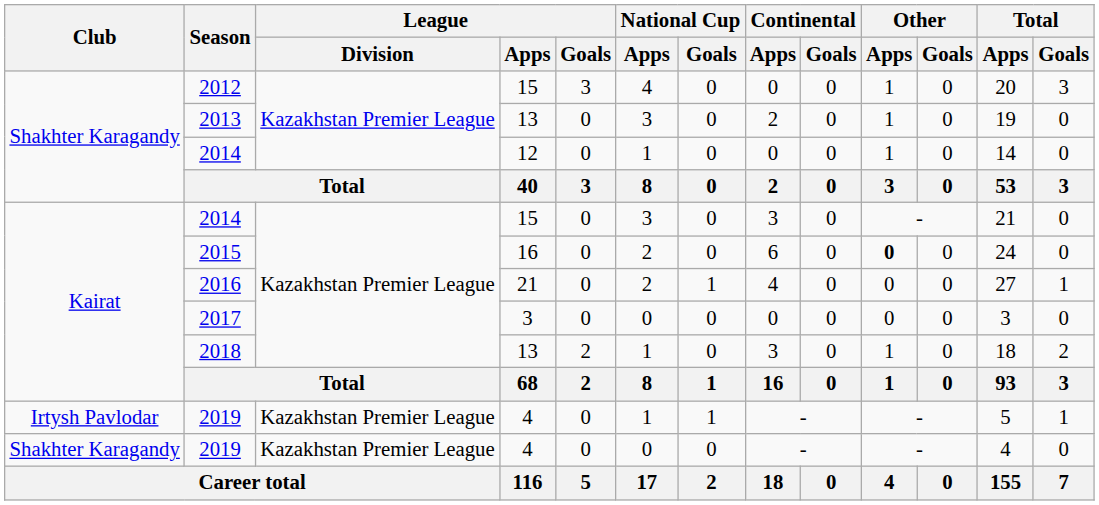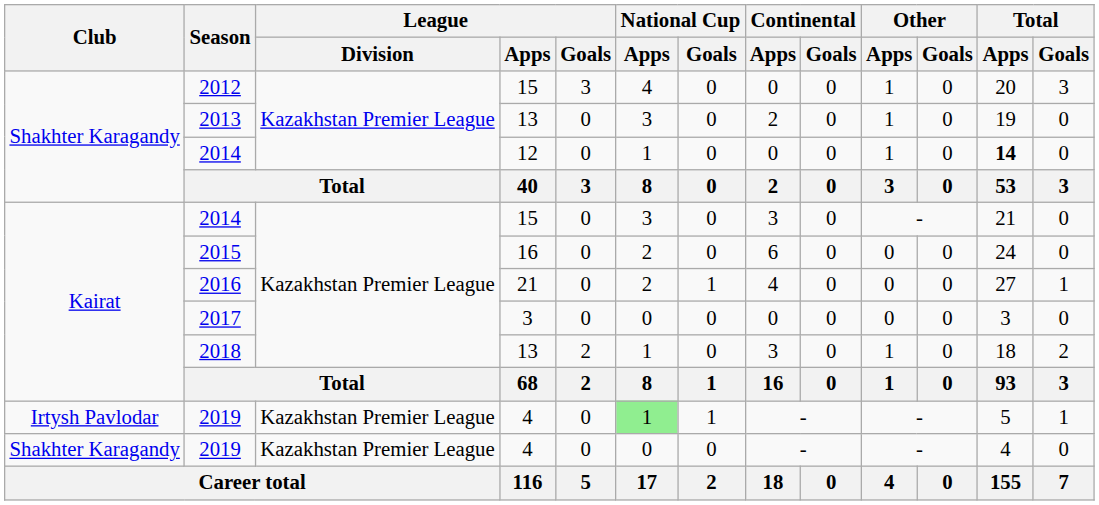 <table class="wikitable" style="text-align: center">
 <tr>
 <th rowspan="2">Club</th>
 <th rowspan="2">Season</th>
 <th colspan="3">League</th>
 <th colspan="2">National Cup</th>
 <th colspan="2">Continental</th>
 <th colspan="2">Other</th>
 <th colspan="2">Total</th>
 </tr>
 <tr>
 <th>Division</th>
 <th>Apps</th>
 <th>Goals</th>
 <th>Apps</th>
 <th>Goals</th>
 <th>Apps</th>
 <th>Goals</th>
 <th>Apps</th>
 <th>Goals</th>
 <th>Apps</th>
 <th>Goals</th>
 </tr>
 <tr>
 <td rowspan="4"><a href='#'>Shakhter Karagandy</a></td>
 <td><a href='#'>2012</a></td>
 <td rowspan="3"><a href='#'>Kazakhstan Premier League</a></td>
 <td>15</td>
 <td>3</td>
 <td>4</td>
 <td>0</td>
 <td>0</td>
 <td>0</td>
 <td>1</td>
 <td>0</td>
 <td>20</td>
 <td>3</td>
 </tr>
 <tr>
 <td><a href='#'>2013</a></td>
 <td>13</td>
 <td>0</td>
 <td>3</td>
 <td>0</td>
 <td>2</td>
 <td>0</td>
 <td>1</td>
 <td>0</td>
 <td>19</td>
 <td>0</td>
 </tr>
 <tr>
 <td><a href='#'>2014</a></td>
 <td>12</td>
 <td>0</td>
 <td>1</td>
 <td>0</td>
 <td>0</td>
 <td>0</td>
 <td>1</td>
 <td>0</td>
-<td>14</td>
+<td><strong>14</strong></td>
 <td>0</td>
 </tr>
 <tr>
 <th colspan="2">Total</th>
 <th>40</th>
 <th>3</th>
 <th>8</th>
 <th>0</th>
 <th>2</th>
 <th>0</th>
 <th>3</th>
 <th>0</th>
 <th>53</th>
 <th>3</th>
 </tr>
 <tr>
 <td rowspan="6"><a href='#'>Kairat</a></td>
 <td><a href='#'>2014</a></td>
 <td rowspan="5">Kazakhstan Premier League</td>
 <td>15</td>
 <td>0</td>
 <td>3</td>
 <td>0</td>
 <td>3</td>
 <td>0</td>
 <td colspan="2">-</td>
 <td>21</td>
 <td>0</td>
 </tr>
 <tr>
 <td><a href='#'>2015</a></td>
 <td>16</td>
 <td>0</td>
 <td>2</td>
 <td>0</td>
 <td>6</td>
 <td>0</td>
-<td><strong>0</strong></td>
+<td>0</td>
 <td>0</td>
 <td>24</td>
 <td>0</td>
 </tr>
 <tr>
 <td><a href='#'>2016</a></td>
 <td>21</td>
 <td>0</td>
 <td>2</td>
 <td>1</td>
 <td>4</td>
 <td>0</td>
 <td>0</td>
 <td>0</td>
 <td>27</td>
 <td>1</td>
 </tr>
 <tr>
 <td><a href='#'>2017</a></td>
 <td>3</td>
 <td>0</td>
 <td>0</td>
 <td>0</td>
 <td>0</td>
 <td>0</td>
 <td>0</td>
 <td>0</td>
 <td>3</td>
 <td>0</td>
 </tr>
 <tr>
 <td><a href='#'>2018</a></td>
 <td>13</td>
 <td>2</td>
 <td>1</td>
 <td>0</td>
 <td>3</td>
 <td>0</td>
 <td>1</td>
 <td>0</td>
 <td>18</td>
 <td>2</td>
 </tr>
 <tr>
 <th colspan="2">Total</th>
 <th>68</th>
 <th>2</th>
 <th>8</th>
 <th>1</th>
 <th>16</th>
 <th>0</th>
 <th>1</th>
 <th>0</th>
 <th>93</th>
 <th>3</th>
 </tr>
 <tr>
 <td><a href='#'>Irtysh Pavlodar</a></td>
 <td><a href='#'>2019</a></td>
 <td>Kazakhstan Premier League</td>
 <td>4</td>
 <td>0</td>
-<td>1</td>
+<td style="background: lightgreen;">1</td>
 <td>1</td>
 <td colspan="2">-</td>
 <td colspan="2">-</td>
 <td>5</td>
 <td>1</td>
 </tr>
 <tr>
 <td><a href='#'>Shakhter Karagandy</a></td>
 <td><a href='#'>2019</a></td>
 <td>Kazakhstan Premier League</td>
 <td>4</td>
 <td>0</td>
 <td>0</td>
 <td>0</td>
 <td colspan="2">-</td>
 <td colspan="2">-</td>
 <td>4</td>
 <td>0</td>
 </tr>
 <tr>
 <th colspan="3">Career total</th>
 <th>116</th>
 <th>5</th>
 <th>17</th>
 <th>2</th>
 <th>18</th>
 <th>0</th>
 <th>4</th>
 <th>0</th>
 <th>155</th>
 <th>7</th>
 </tr>
 </table>
